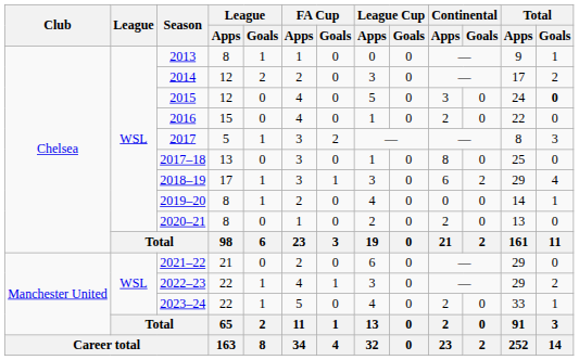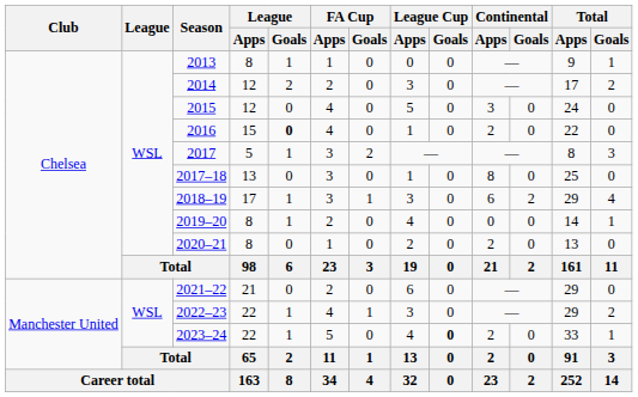 <table class="wikitable" style="text-align: center;">
 <tr>
 <th rowspan="2">Club</th>
 <th rowspan="2">League</th>
 <th rowspan="2">Season</th>
 <th colspan="2">League</th>
 <th colspan="2">FA Cup</th>
 <th colspan="2">League Cup</th>
 <th colspan="2">Continental</th>
 <th colspan="2">Total</th>
 </tr>
 <tr>
 <th>Apps</th>
 <th>Goals</th>
 <th>Apps</th>
 <th>Goals</th>
 <th>Apps</th>
 <th>Goals</th>
 <th>Apps</th>
 <th>Goals</th>
 <th>Apps</th>
 <th>Goals</th>
 </tr>
 <tr>
 <td rowspan="10"><a href='#'>Chelsea</a></td>
 <td rowspan="9"><a href='#'>WSL</a></td>
 <td><a href='#'>2013</a></td>
 <td>8</td>
 <td>1</td>
 <td>1</td>
 <td>0</td>
 <td>0</td>
 <td>0</td>
 <td colspan=2>—</td>
 <td>9</td>
 <td>1</td>
 </tr>
 <tr>
 <td><a href='#'>2014</a></td>
 <td>12</td>
 <td>2</td>
 <td>2</td>
 <td>0</td>
 <td>3</td>
 <td>0</td>
 <td colspan=2>—</td>
 <td>17</td>
 <td>2</td>
 </tr>
 <tr>
 <td><a href='#'>2015</a></td>
 <td>12</td>
 <td>0</td>
 <td>4</td>
 <td>0</td>
 <td>5</td>
 <td>0</td>
 <td>3</td>
 <td>0</td>
 <td>24</td>
-<td><strong>0</strong></td>
+<td>0</td>
 </tr>
 <tr>
 <td><a href='#'>2016</a></td>
 <td>15</td>
-<td>0</td>
+<td><strong>0</strong></td>
 <td>4</td>
 <td>0</td>
 <td>1</td>
 <td>0</td>
 <td>2</td>
 <td>0</td>
 <td>22</td>
 <td>0</td>
 </tr>
 <tr>
 <td><a href='#'>2017</a></td>
 <td>5</td>
 <td>1</td>
 <td>3</td>
 <td>2</td>
 <td colspan=2>—</td>
 <td colspan=2>—</td>
 <td>8</td>
 <td>3</td>
 </tr>
 <tr>
 <td><a href='#'>2017–18</a></td>
 <td>13</td>
 <td>0</td>
 <td>3</td>
 <td>0</td>
 <td>1</td>
 <td>0</td>
 <td>8</td>
 <td>0</td>
 <td>25</td>
 <td>0</td>
 </tr>
 <tr>
 <td><a href='#'>2018–19</a></td>
 <td>17</td>
 <td>1</td>
 <td>3</td>
 <td>1</td>
 <td>3</td>
 <td>0</td>
 <td>6</td>
 <td>2</td>
 <td>29</td>
 <td>4</td>
 </tr>
 <tr>
 <td><a href='#'>2019–20</a></td>
 <td>8</td>
 <td>1</td>
 <td>2</td>
 <td>0</td>
 <td>4</td>
 <td>0</td>
 <td>0</td>
 <td>0</td>
 <td>14</td>
 <td>1</td>
 </tr>
 <tr>
 <td><a href='#'>2020–21</a></td>
 <td>8</td>
 <td>0</td>
 <td>1</td>
 <td>0</td>
 <td>2</td>
 <td>0</td>
 <td>2</td>
 <td>0</td>
 <td>13</td>
 <td>0</td>
 </tr>
 <tr>
 <th colspan="2">Total</th>
 <th>98</th>
 <th>6</th>
 <th>23</th>
 <th>3</th>
 <th>19</th>
 <th>0</th>
 <th>21</th>
 <th>2</th>
 <th>161</th>
 <th>11</th>
 </tr>
 <tr>
 <td rowspan="4"><a href='#'>Manchester United</a></td>
 <td rowspan="3"><a href='#'>WSL</a></td>
 <td><a href='#'>2021–22</a></td>
 <td>21</td>
 <td>0</td>
 <td>2</td>
 <td>0</td>
 <td>6</td>
 <td>0</td>
 <td colspan=2>—</td>
 <td>29</td>
 <td>0</td>
 </tr>
 <tr>
 <td><a href='#'>2022–23</a></td>
 <td>22</td>
 <td>1</td>
 <td>4</td>
 <td>1</td>
 <td>3</td>
 <td>0</td>
 <td colspan=2>—</td>
 <td>29</td>
 <td>2</td>
 </tr>
 <tr>
 <td><a href='#'>2023–24</a></td>
 <td>22</td>
 <td>1</td>
 <td>5</td>
 <td>0</td>
 <td>4</td>
-<td>0</td>
+<td><strong>0</strong></td>
 <td>2</td>
 <td>0</td>
 <td>33</td>
 <td>1</td>
 </tr>
 <tr>
 <th colspan="2">Total</th>
 <th>65</th>
 <th>2</th>
 <th>11</th>
 <th>1</th>
 <th>13</th>
 <th>0</th>
 <th>2</th>
 <th>0</th>
 <th>91</th>
 <th>3</th>
 </tr>
 <tr>
 <th colspan="3">Career total</th>
 <th>163</th>
 <th>8</th>
 <th>34</th>
 <th>4</th>
 <th>32</th>
 <th>0</th>
 <th>23</th>
 <th>2</th>
 <th>252</th>
 <th>14</th>
 </tr>
 </table>
